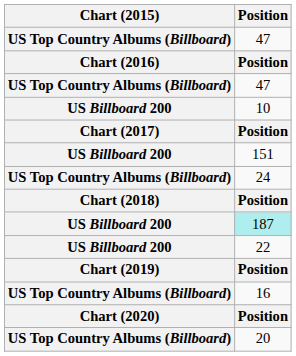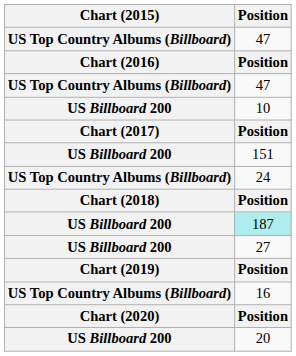 <table class="wikitable plainrowheaders" style="text-align:center">
 <tr>
 <th scope="col">Chart (2015)</th>
 <th scope="col">Position</th>
 </tr>
 <tr>
 <th scope="row">US Top Country Albums (<em>Billboard</em>)</th>
 <td>47</td>
 </tr>
 <tr>
 <th scope="col">Chart (2016)</th>
 <th scope="col">Position</th>
 </tr>
 <tr>
 <th scope="row">US Top Country Albums (<em>Billboard</em>)</th>
 <td>47</td>
 </tr>
 <tr>
 <th scope="row">US <em>Billboard</em> 200</th>
 <td>10</td>
 </tr>
 <tr>
 <th scope="col">Chart (2017)</th>
 <th scope="col">Position</th>
 </tr>
 <tr>
 <th scope="row">US <em>Billboard</em> 200</th>
 <td>151</td>
 </tr>
 <tr>
 <th scope="row">US Top Country Albums (<em>Billboard</em>)</th>
 <td>24</td>
 </tr>
 <tr>
 <th scope="col">Chart (2018)</th>
 <th scope="col">Position</th>
 </tr>
 <tr>
 <th scope="row">US <em>Billboard</em> 200</th>
 <td style="background: paleturquoise;">187</td>
 </tr>
 <tr>
 <th scope="row">US <em>Billboard</em> 200</th>
-<td>22</td>
+<td>27</td>
 </tr>
 <tr>
 <th scope="col">Chart (2019)</th>
 <th scope="col">Position</th>
 </tr>
 <tr>
 <th scope="row">US Top Country Albums (<em>Billboard</em>)</th>
 <td>16</td>
 </tr>
 <tr>
 <th scope="col">Chart (2020)</th>
 <th scope="col">Position</th>
 </tr>
 <tr>
-<th scope="row">US Top Country Albums (<em>Billboard</em>)</th>
+<th scope="row">US <em>Billboard</em> 200</th>
 <td>20</td>
 </tr>
 </table>
